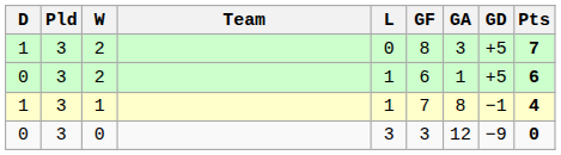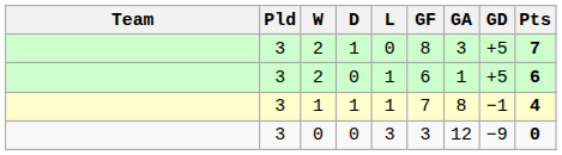 <table class="wikitable" style="text-align:center;">
 <tr>
-<th width=20>D</th>
+<th width=180>Team</th>
 <th width=20>Pld</th>
 <th width=20>W</th>
-<th width=180>Team</th>
+<th width=20>D</th>
 <th width=20>L</th>
 <th width=20>GF</th>
 <th width=20>GA</th>
 <th width=20>GD</th>
 <th width=20>Pts</th>
 </tr>
 <tr bgcolor="ccffcc">
-<td>1</td>
+<td align="left"></td>
 <td>3</td>
 <td>2</td>
-<td align="left"></td>
+<td>1</td>
 <td>0</td>
 <td>8</td>
 <td>3</td>
 <td>+5</td>
 <td><strong>7</strong></td>
 </tr>
 <tr bgcolor="ccffcc">
-<td>0</td>
+<td align="left"><em></em></td>
 <td>3</td>
 <td>2</td>
-<td align="left"><em></em></td>
+<td>0</td>
 <td>1</td>
 <td>6</td>
 <td>1</td>
 <td>+5</td>
 <td><strong>6</strong></td>
 </tr>
 <tr bgcolor="ffffcc">
-<td>1</td>
+<td align="left"></td>
 <td>3</td>
 <td>1</td>
-<td align="left"></td>
+<td>1</td>
 <td>1</td>
 <td>7</td>
 <td>8</td>
 <td>−1</td>
 <td><strong>4</strong></td>
 </tr>
 <tr>
-<td>0</td>
+<td align="left"></td>
 <td>3</td>
 <td>0</td>
-<td align="left"></td>
+<td>0</td>
 <td>3</td>
 <td>3</td>
 <td>12</td>
 <td>−9</td>
 <td><strong>0</strong></td>
 </tr>
 </table>
